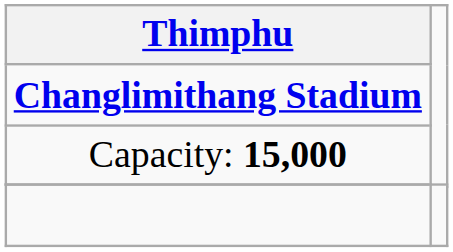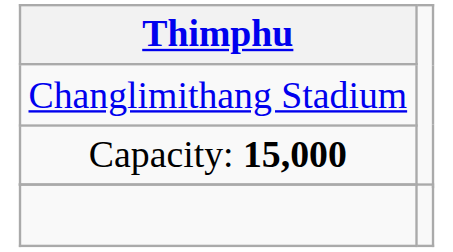 <table class="wikitable" style="margin:1em auto; text-align:center">
 <tr>
 <th><a href='#'>Thimphu</a></th>
 <td rowspan="4"></td>
 </tr>
 <tr>
-<td><strong><a href='#'>Changlimithang Stadium</a></strong></td>
+<td><a href='#'>Changlimithang Stadium</a></td>
 </tr>
 <tr>
 <td>Capacity: <strong>15,000</strong></td>
 </tr>
 <tr>
 </tr>
 <tr>
 <td><br></td>
 </tr>
 </table>
